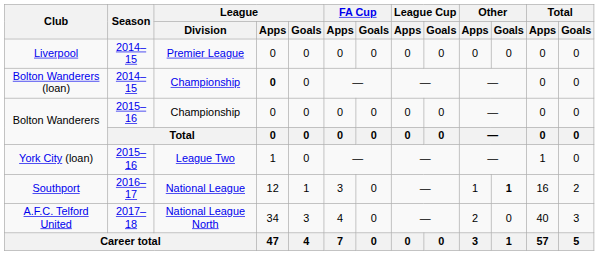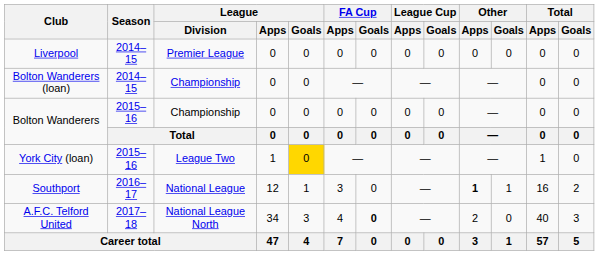 <table class=wikitable style="text-align: center">
 <tr>
 <th rowspan=2>Club</th>
 <th rowspan=2>Season</th>
 <th colspan=3>League</th>
 <th colspan=2><a href='#'>FA Cup</a></th>
 <th colspan=2>League Cup</th>
 <th colspan=2>Other</th>
 <th colspan=2>Total</th>
 </tr>
 <tr>
 <th>Division</th>
 <th>Apps</th>
 <th>Goals</th>
 <th>Apps</th>
 <th>Goals</th>
 <th>Apps</th>
 <th>Goals</th>
 <th>Apps</th>
 <th>Goals</th>
 <th>Apps</th>
 <th>Goals</th>
 </tr>
 <tr>
 <td><a href='#'>Liverpool</a></td>
 <td><a href='#'>2014–15</a></td>
 <td><a href='#'>Premier League</a></td>
 <td>0</td>
 <td>0</td>
 <td>0</td>
 <td>0</td>
 <td>0</td>
 <td>0</td>
 <td>0</td>
 <td>0</td>
 <td>0</td>
 <td>0</td>
 </tr>
 <tr>
 <td><a href='#'>Bolton Wanderers</a> (loan)</td>
 <td><a href='#'>2014–15</a></td>
 <td><a href='#'>Championship</a></td>
-<td><strong>0</strong></td>
+<td>0</td>
 <td>0</td>
 <td colspan=2>—</td>
 <td colspan=2>—</td>
 <td colspan=2>—</td>
 <td>0</td>
 <td>0</td>
 </tr>
 <tr>
 <td rowspan=2>Bolton Wanderers</td>
 <td><a href='#'>2015–16</a></td>
 <td>Championship</td>
 <td>0</td>
 <td>0</td>
 <td>0</td>
 <td>0</td>
 <td>0</td>
 <td>0</td>
 <td colspan=2>—</td>
 <td>0</td>
 <td>0</td>
 </tr>
 <tr>
 <th colspan=2>Total</th>
 <th>0</th>
 <th>0</th>
 <th>0</th>
 <th>0</th>
 <th>0</th>
 <th>0</th>
 <th colspan=2>—</th>
 <th>0</th>
 <th>0</th>
 </tr>
 <tr>
 <td><a href='#'>York City</a> (loan)</td>
 <td><a href='#'>2015–16</a></td>
 <td><a href='#'>League Two</a></td>
 <td>1</td>
-<td>0</td>
+<td style="background: gold;">0</td>
 <td colspan=2>—</td>
 <td colspan=2>—</td>
 <td colspan=2>—</td>
 <td>1</td>
 <td>0</td>
 </tr>
 <tr>
 <td><a href='#'>Southport</a></td>
 <td><a href='#'>2016–17</a></td>
 <td><a href='#'>National League</a></td>
 <td>12</td>
 <td>1</td>
 <td>3</td>
 <td>0</td>
 <td colspan=2>—</td>
+<td><strong>1</strong></td>
 <td>1</td>
-<td><strong>1</strong></td>
 <td>16</td>
 <td>2</td>
 </tr>
 <tr>
 <td><a href='#'>A.F.C. Telford United</a></td>
 <td><a href='#'>2017–18</a></td>
 <td><a href='#'>National League North</a></td>
 <td>34</td>
 <td>3</td>
 <td>4</td>
-<td>0</td>
+<td><strong>0</strong></td>
 <td colspan=2>—</td>
 <td>2</td>
 <td>0</td>
 <td>40</td>
 <td>3</td>
 </tr>
 <tr>
 <th colspan=3>Career total</th>
 <th>47</th>
 <th>4</th>
 <th>7</th>
 <th>0</th>
 <th>0</th>
 <th>0</th>
 <th>3</th>
 <th>1</th>
 <th>57</th>
 <th>5</th>
 </tr>
 </table>
